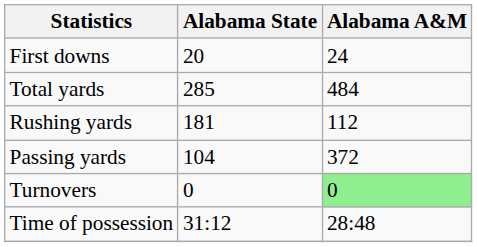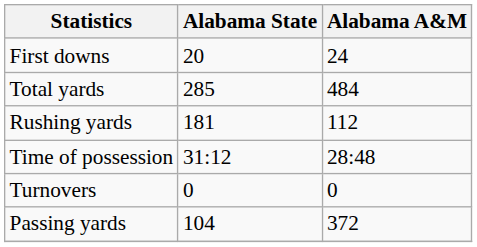 <table class="wikitable">
 <tr>
 <th>Statistics</th>
 <th>Alabama State</th>
 <th>Alabama A&M</th>
 </tr>
 <tr>
 <td>First downs</td>
 <td>20</td>
 <td>24</td>
 </tr>
 <tr>
 <td>Total yards</td>
 <td>285</td>
 <td>484</td>
 </tr>
 <tr>
 <td>Rushing yards</td>
 <td>181</td>
 <td>112</td>
 </tr>
 <tr>
+<td>Time of possession</td>
+<td>31:12</td>
+<td>28:48</td>
+</tr>
+<tr>
+<td>Turnovers</td>
+<td>0</td>
+<td>0</td>
+</tr>
+<tr>
 <td>Passing yards</td>
 <td>104</td>
 <td>372</td>
 </tr>
 <tr>
-<td>Turnovers</td>
-<td>0</td>
-<td style="background: lightgreen;">0</td>
-</tr>
-<tr>
-<td>Time of possession</td>
-<td>31:12</td>
-<td>28:48</td>
-</tr>
-<tr>
 </tr>
 </table>
